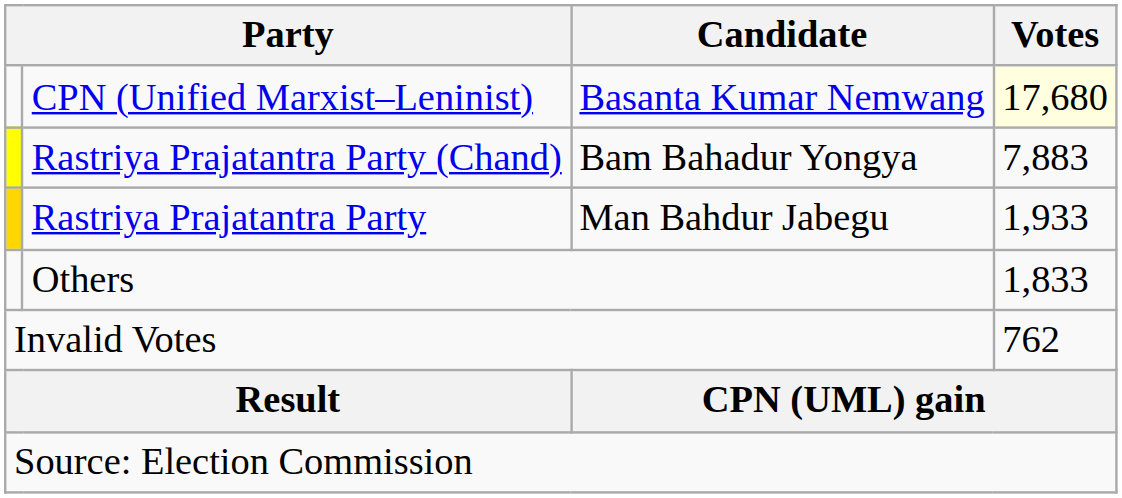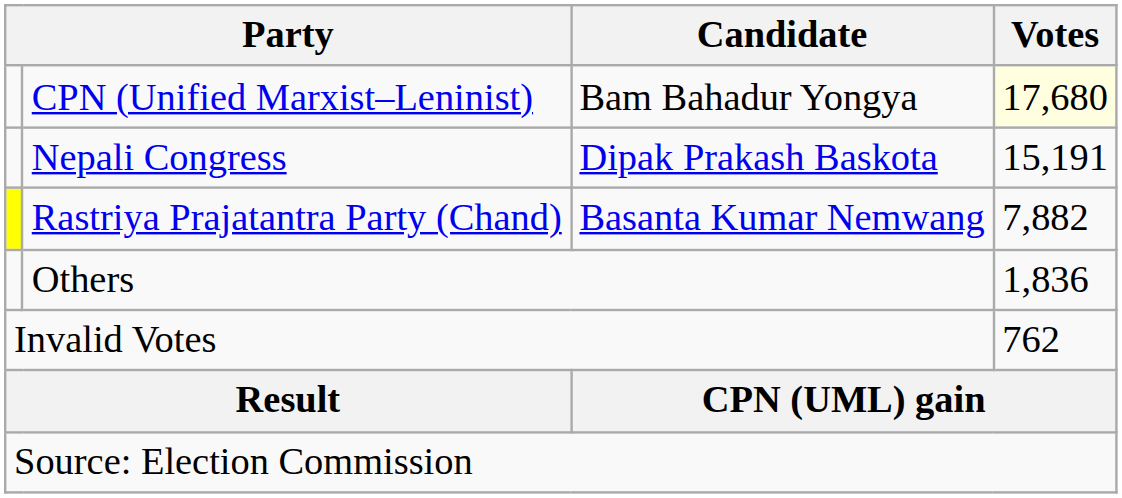 <table class="wikitable">
 <tr>
 <th colspan="2">Party</th>
 <th>Candidate</th>
 <th>Votes</th>
 </tr>
 <tr>
 <td style="background-color:"></td>
 <td><a href='#'>CPN (Unified Marxist–Leninist)</a></td>
-<td><a href='#'>Basanta Kumar Nemwang</a></td>
+<td>Bam Bahadur Yongya</td>
 <td style="background: lightyellow;">17,680</td>
+</tr>
+<tr>
+<td style="background-color:"></td>
+<td><a href='#'>Nepali Congress</a></td>
+<td><a href='#'>Dipak Prakash Baskota</a></td>
+<td>15,191</td>
 </tr>
 <tr>
 <td style="background-color:yellow"></td>
 <td><a href='#'>Rastriya Prajatantra Party (Chand)</a></td>
-<td>Bam Bahadur Yongya</td>
-<td>7,883</td>
-</tr>
-<tr>
-<td style="background-color:gold"></td>
-<td><a href='#'>Rastriya Prajatantra Party</a></td>
-<td>Man Bahdur Jabegu</td>
-<td>1,933</td>
+<td><a href='#'>Basanta Kumar Nemwang</a></td>
+<td>7,882</td>
 </tr>
 <tr>
 <td></td>
 <td colspan="2">Others</td>
-<td>1,833</td>
+<td>1,836</td>
 </tr>
 <tr>
 <td colspan="3">Invalid Votes</td>
 <td>762</td>
 </tr>
 <tr>
 <th colspan="2">Result</th>
 <th colspan="2">CPN (UML) gain</th>
 </tr>
 <tr>
 <td colspan="4">Source: Election Commission</td>
 </tr>
 </table>
